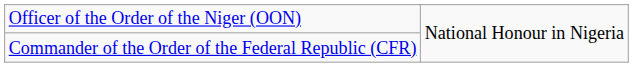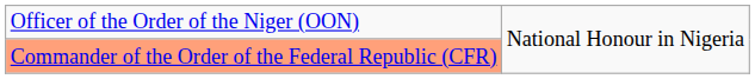 <table class=wikitable>
 <tr>
 <td><a href='#'>Officer of the Order of the Niger (OON)</a> </td>
 <td rowspan=2>National Honour in Nigeria</td>
 </tr>
 <tr>
-<td><a href='#'>Commander of the Order of the Federal Republic (CFR)</a></td>
+<td style="background: lightsalmon;"><a href='#'>Commander of the Order of the Federal Republic (CFR)</a></td>
 </tr>
 </table>
